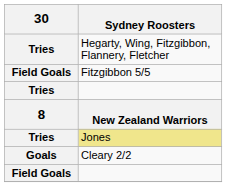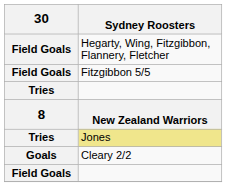 <table align="center" class="wikitable" style="text-align:left;" cellpadding=3 cellspacing=2>
 <tr>
 <th width=100><big>30</big></th>
 <th width=200><br>Sydney Roosters</th>
 </tr>
 <tr>
-<th>Tries</th>
+<th>Field Goals</th>
 <td>Hegarty, Wing, Fitzgibbon, Flannery, Fletcher</td>
 </tr>
 <tr>
 <th>Field Goals</th>
 <td>Fitzgibbon 5/5</td>
 </tr>
 <tr>
 <th>Tries</th>
 <td></td>
 </tr>
 <tr>
 <th><big>8</big></th>
 <th><br>New Zealand Warriors</th>
 </tr>
 <tr>
 <th>Tries</th>
 <td style="background: khaki;">Jones</td>
 </tr>
 <tr>
 <th>Goals</th>
 <td>Cleary 2/2</td>
 </tr>
 <tr>
 <th>Field Goals</th>
 <td></td>
 </tr>
 <tr>
 </tr>
 </table>
